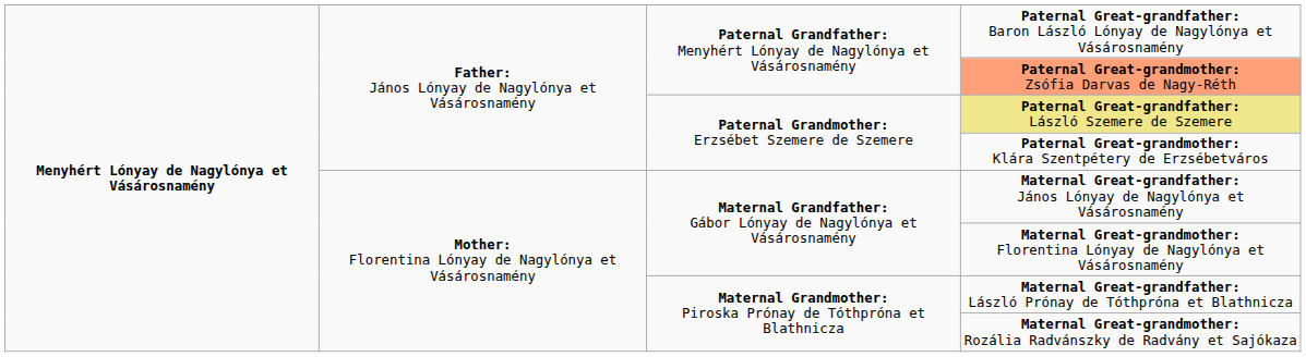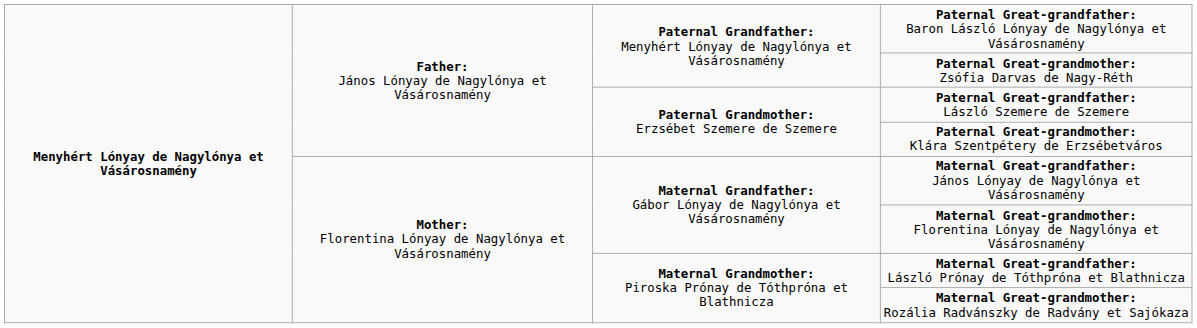 <table class="wikitable">
 <tr>
 </tr>
 <tr>
 <td rowspan="8" align="center"><strong>Menyhért Lónyay de Nagylónya et Vásárosnamény</strong></td>
 <td rowspan="4" align="center"><strong>Father:</strong><br>János Lónyay de Nagylónya et Vásárosnamény</td>
 <td rowspan="2" align="center"><strong>Paternal Grandfather:</strong><br>Menyhért Lónyay de Nagylónya et Vásárosnamény</td>
 <td align="center"><strong>Paternal Great-grandfather:</strong><br>Baron László Lónyay de Nagylónya et Vásárosnamény</td>
 </tr>
 <tr>
-<td align="center" style="background: lightsalmon;"><strong>Paternal Great-grandmother:</strong><br>Zsófia Darvas de Nagy-Réth</td>
+<td align="center"><strong>Paternal Great-grandmother:</strong><br>Zsófia Darvas de Nagy-Réth</td>
 </tr>
 <tr>
 <td rowspan="2" align="center"><strong>Paternal Grandmother:</strong><br>Erzsébet Szemere de Szemere</td>
-<td align="center" style="background: khaki;"><strong>Paternal Great-grandfather:</strong><br>László Szemere de Szemere</td>
+<td align="center"><strong>Paternal Great-grandfather:</strong><br>László Szemere de Szemere</td>
 </tr>
 <tr>
 <td align="center"><strong>Paternal Great-grandmother:</strong><br>Klára Szentpétery de Erzsébetváros</td>
 </tr>
 <tr>
 <td rowspan="4" align="center"><strong>Mother:</strong><br>Florentina Lónyay de Nagylónya et Vásárosnamény</td>
 <td rowspan="2" align="center"><strong>Maternal Grandfather:</strong><br>Gábor Lónyay de Nagylónya et Vásárosnamény</td>
 <td align="center"><strong>Maternal Great-grandfather:</strong><br>János Lónyay de Nagylónya et Vásárosnamény</td>
 </tr>
 <tr>
 <td align="center"><strong>Maternal Great-grandmother:</strong><br>Florentina Lónyay de Nagylónya et Vásárosnamény</td>
 </tr>
 <tr>
 <td rowspan="2" align="center"><strong>Maternal Grandmother:</strong><br>Piroska Prónay de Tóthpróna et Blathnicza</td>
 <td align="center"><strong>Maternal Great-grandfather:</strong><br>László Prónay de Tóthpróna et Blathnicza</td>
 </tr>
 <tr>
 <td align="center"><strong>Maternal Great-grandmother:</strong><br>Rozália Radvánszky de Radvány et Sajókaza</td>
 </tr>
 </table>
